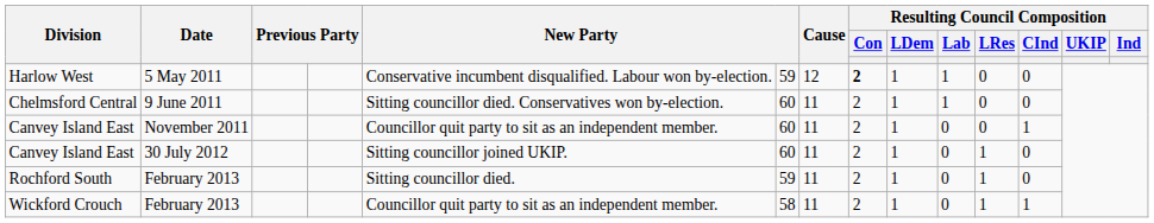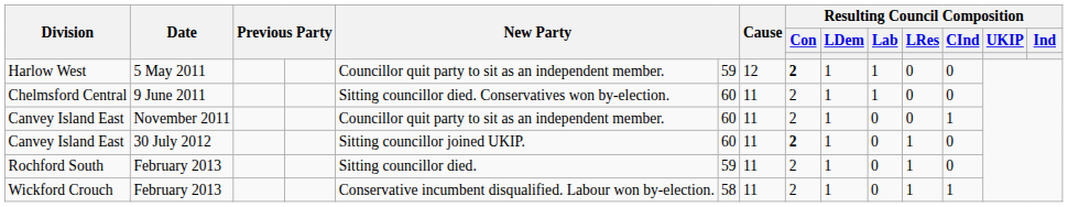 <table class="wikitable">
 <tr>
 <th !  rowspan="3">Division</th>
 <th ! rowspan="3">Date</th>
 <th !  rowspan=3 colspan=2>Previous Party</th>
 <th !  rowspan=3 colspan=2>New Party</th>
 <th ! rowspan="3">Cause</th>
 <th ! colspan="7">Resulting Council Composition</th>
 </tr>
 <tr>
 <th style="width:30px;" class="unsortable"><a href='#'>Con</a></th>
 <th style="width:30px;" class="unsortable"><a href='#'>LDem</a></th>
 <th style="width:30px;" class="unsortable"><a href='#'>Lab</a></th>
 <th style="width:30px;" class="unsortable"><a href='#'>LRes</a></th>
 <th style="width:30px;" class="unsortable"><a href='#'>CInd</a></th>
 <th style="width:30px;" class="unsortable"><a href='#'>UKIP</a></th>
 <th style="width:30px;" class="unsortable"><a href='#'>Ind</a></th>
 </tr>
 <tr>
 <th class="unsortable" style="color:inherit;background:"></th>
 <th class="unsortable" style="color:inherit;background:"></th>
 <th class="unsortable" style="color:inherit;background:"></th>
 <th class="unsortable" style="color:inherit;background:"></th>
 <th class="unsortable" style="color:inherit;background:"></th>
 <th class="unsortable" style="color:inherit;background:"></th>
 <th class="unsortable" style="color:inherit;background:"></th>
 </tr>
 <tr>
 <td>Harlow West</td>
 <td>5 May 2011</td>
 <td></td>
 <td></td>
-<td>Conservative incumbent disqualified. Labour won by-election.</td>
+<td>Councillor quit party to sit as an independent member.</td>
 <td>59</td>
 <td>12</td>
 <td><strong>2</strong></td>
 <td>1</td>
 <td>1</td>
 <td>0</td>
 <td>0</td>
 </tr>
 <tr>
 <td>Chelmsford Central</td>
 <td>9 June 2011</td>
 <td></td>
 <td></td>
 <td>Sitting councillor died. Conservatives won by-election.</td>
 <td>60</td>
 <td>11</td>
 <td>2</td>
 <td>1</td>
 <td>1</td>
 <td>0</td>
 <td>0</td>
 </tr>
 <tr>
 <td>Canvey Island East</td>
 <td>November 2011</td>
 <td></td>
 <td></td>
 <td>Councillor quit party to sit as an independent member.</td>
 <td>60</td>
 <td>11</td>
 <td>2</td>
 <td>1</td>
 <td>0</td>
 <td>0</td>
 <td>1</td>
 </tr>
 <tr>
 <td>Canvey Island East</td>
 <td>30 July 2012</td>
 <td></td>
 <td></td>
 <td>Sitting councillor joined UKIP.</td>
 <td>60</td>
 <td>11</td>
-<td>2</td>
+<td><strong>2</strong></td>
 <td>1</td>
 <td>0</td>
 <td>1</td>
 <td>0</td>
 </tr>
 <tr>
 <td>Rochford South</td>
 <td>February 2013</td>
 <td></td>
 <td></td>
 <td>Sitting councillor died.</td>
 <td>59</td>
 <td>11</td>
 <td>2</td>
 <td>1</td>
 <td>0</td>
 <td>1</td>
 <td>0</td>
 </tr>
 <tr>
 <td>Wickford Crouch</td>
 <td>February 2013</td>
 <td></td>
 <td></td>
-<td>Councillor quit party to sit as an independent member.</td>
+<td>Conservative incumbent disqualified. Labour won by-election.</td>
 <td>58</td>
 <td>11</td>
 <td>2</td>
 <td>1</td>
 <td>0</td>
 <td>1</td>
 <td>1</td>
 </tr>
 </table>
